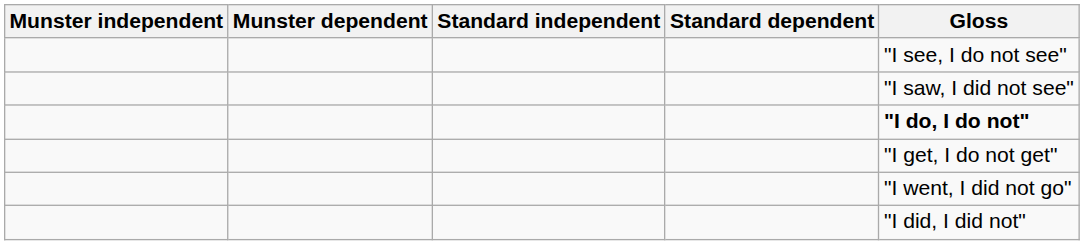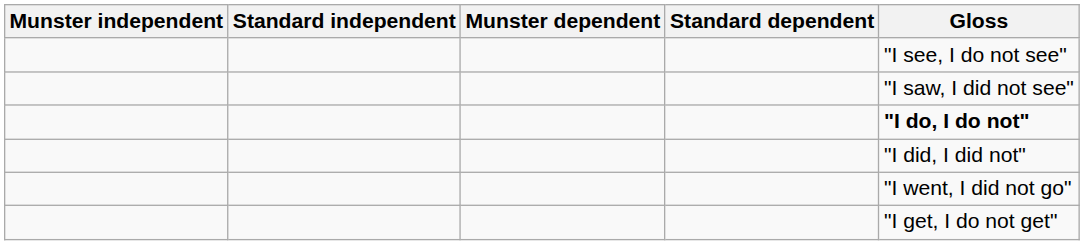 <table class="wikitable">
 <tr>
 <th>Munster independent</th>
+<th>Standard independent</th>
 <th>Munster dependent</th>
-<th>Standard independent</th>
 <th>Standard dependent</th>
 <th>Gloss</th>
 </tr>
 <tr>
 <td></td>
 <td></td>
 <td></td>
 <td></td>
 <td>"I see, I do not see"</td>
 </tr>
 <tr>
 <td></td>
 <td></td>
 <td></td>
 <td></td>
 <td>"I saw, I did not see"</td>
 </tr>
 <tr>
 <td></td>
 <td></td>
 <td></td>
 <td></td>
 <td><strong>"I do, I do not"</strong></td>
 </tr>
 <tr>
 <td></td>
 <td></td>
 <td></td>
 <td></td>
-<td>"I get, I do not get"</td>
+<td>"I did, I did not"</td>
 </tr>
 <tr>
 <td></td>
 <td></td>
 <td></td>
 <td></td>
 <td>"I went, I did not go"</td>
 </tr>
 <tr>
 <td></td>
 <td></td>
 <td></td>
 <td></td>
-<td>"I did, I did not"</td>
+<td>"I get, I do not get"</td>
 </tr>
 </table>
